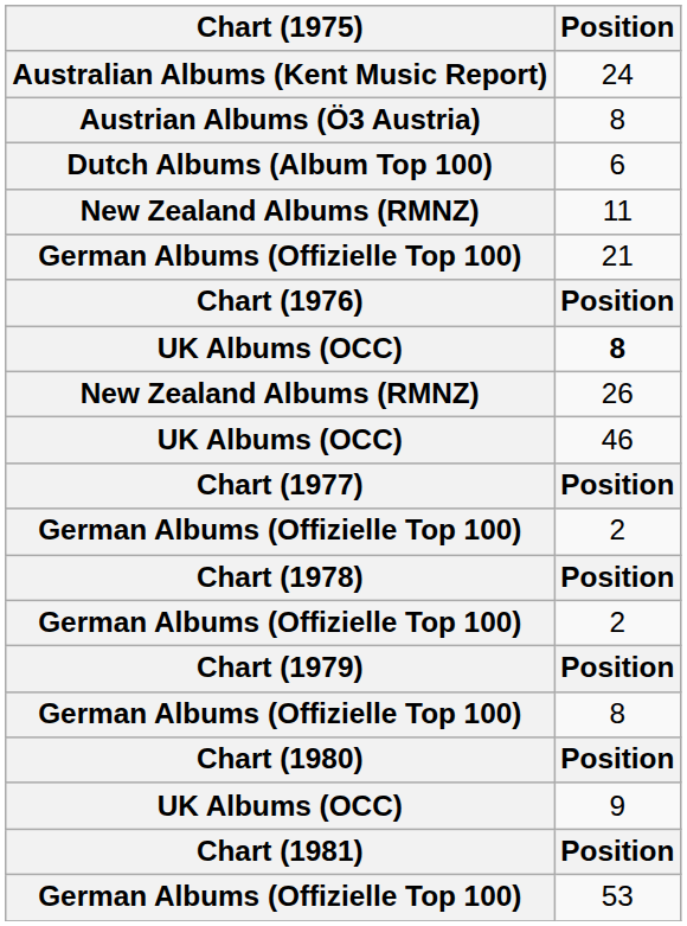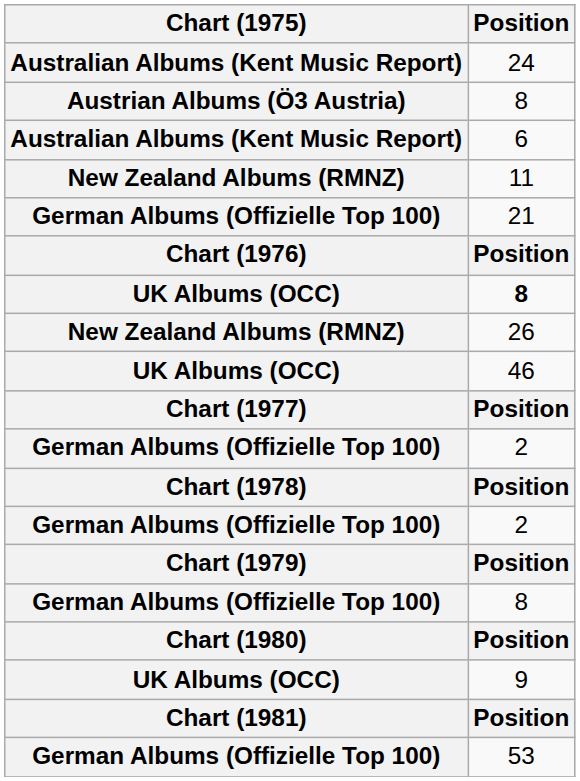 <table class="wikitable sortable plainrowheaders">
 <tr>
 <th>Chart (1975)</th>
 <th>Position</th>
 </tr>
 <tr>
 <th scope="row">Australian Albums (Kent Music Report)</th>
 <td align="center">24</td>
 </tr>
 <tr>
 <th scope="row">Austrian Albums (Ö3 Austria)</th>
 <td align="center">8</td>
 </tr>
 <tr>
-<th scope="row">Dutch Albums (Album Top 100)</th>
+<th scope="row">Australian Albums (Kent Music Report)</th>
 <td align="center">6</td>
 </tr>
 <tr>
 <th scope="row">New Zealand Albums (RMNZ)</th>
 <td align="center">11</td>
 </tr>
 <tr>
 <th scope="row">German Albums (Offizielle Top 100)</th>
 <td align="center">21</td>
 </tr>
 <tr>
 <th>Chart (1976)</th>
 <th>Position</th>
 </tr>
 <tr>
 <th scope="row">UK Albums (OCC)</th>
 <td align="center"><strong>8</strong></td>
 </tr>
 <tr>
 <th scope="row">New Zealand Albums (RMNZ)</th>
 <td align="center">26</td>
 </tr>
 <tr>
 <th scope="row">UK Albums (OCC)</th>
 <td align="center">46</td>
 </tr>
 <tr>
 <th>Chart (1977)</th>
 <th>Position</th>
 </tr>
 <tr>
 <th scope="row">German Albums (Offizielle Top 100)</th>
 <td align="center">2</td>
 </tr>
 <tr>
 <th>Chart (1978)</th>
 <th>Position</th>
 </tr>
 <tr>
 <th scope="row">German Albums (Offizielle Top 100)</th>
 <td align="center">2</td>
 </tr>
 <tr>
 <th>Chart (1979)</th>
 <th>Position</th>
 </tr>
 <tr>
 <th scope="row">German Albums (Offizielle Top 100)</th>
 <td align="center">8</td>
 </tr>
 <tr>
 <th>Chart (1980)</th>
 <th>Position</th>
 </tr>
 <tr>
 <th scope="row">UK Albums (OCC)</th>
 <td align="center">9</td>
 </tr>
 <tr>
 <th>Chart (1981)</th>
 <th>Position</th>
 </tr>
 <tr>
 <th scope="row">German Albums (Offizielle Top 100)</th>
 <td align="center">53</td>
 </tr>
 </table>
